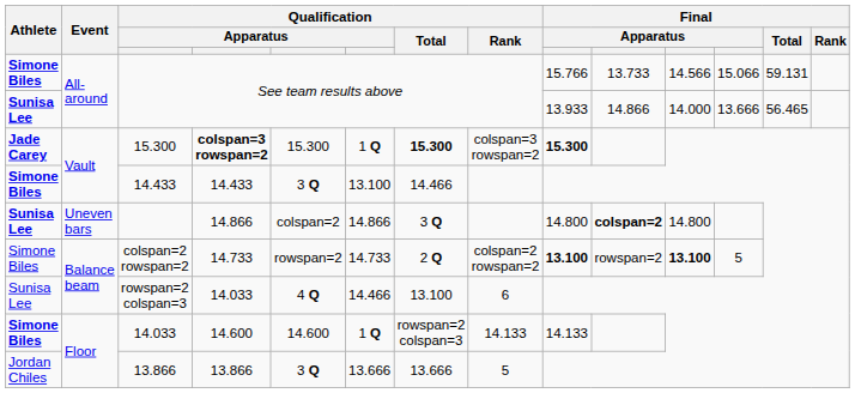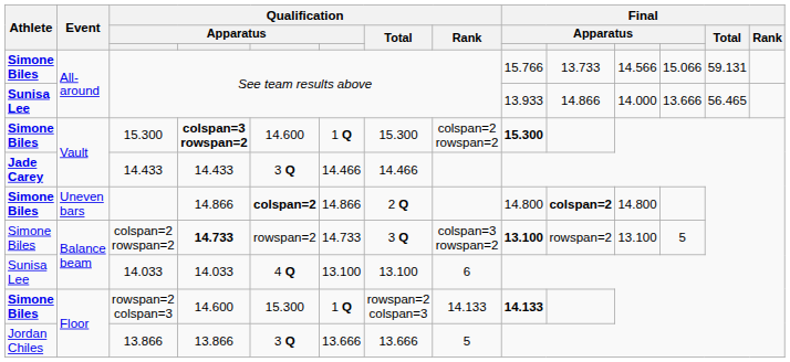 <table class=wikitable style=font-size:90%;text-align:center>
 <tr>
 <th rowspan=3>Athlete</th>
 <th rowspan=3>Event</th>
 <th colspan=6>Qualification</th>
 <th colspan=6>Final</th>
 </tr>
 <tr style=font-size:95%>
 <th colspan=4>Apparatus</th>
 <th rowspan=2>Total</th>
 <th rowspan=2>Rank</th>
 <th colspan=4>Apparatus</th>
 <th rowspan=2>Total</th>
 <th rowspan=2>Rank</th>
 </tr>
 <tr style=font-size:95%>
 <th></th>
 <th></th>
 <th></th>
 <th></th>
 <th></th>
 <th></th>
 <th></th>
 <th></th>
 </tr>
 <tr>
 <td align=left><strong><a href='#'>Simone Biles</a></strong></td>
 <td rowspan=2 align=left><a href='#'>All-around</a></td>
 <td rowspan=2 colspan=6><em>See team results above</em></td>
 <td>15.766</td>
 <td>13.733</td>
 <td>14.566</td>
 <td>15.066</td>
 <td>59.131</td>
 <td></td>
 </tr>
 <tr>
 <td align=left><strong><a href='#'>Sunisa Lee</a></strong></td>
 <td>13.933</td>
 <td>14.866</td>
 <td>14.000</td>
 <td>13.666</td>
 <td>56.465</td>
 <td></td>
 </tr>
 <tr>
-<td align=left><strong><a href='#'>Jade Carey</a></strong></td>
+<td align=left><strong><a href='#'>Simone Biles</a></strong></td>
 <td align=left rowspan=2><a href='#'>Vault</a></td>
 <td>15.300</td>
 <td><strong>colspan=3 rowspan=2 </strong></td>
+<td>14.600</td>
+<td>1 <strong>Q</strong></td>
 <td>15.300</td>
-<td>1 <strong>Q</strong></td>
-<td><strong>15.300</strong></td>
-<td>colspan=3 rowspan=2 </td>
+<td>colspan=2 rowspan=2 </td>
 <td><strong>15.300</strong></td>
 <td></td>
 </tr>
 <tr>
-<td align=left><strong><a href='#'>Simone Biles</a></strong></td>
+<td align=left><strong><a href='#'>Jade Carey</a></strong></td>
 <td>14.433</td>
 <td>14.433</td>
 <td>3 <strong>Q</strong></td>
-<td>13.100</td>
+<td>14.466</td>
 <td>14.466</td>
 <td></td>
 </tr>
 <tr>
-<td align=left><strong><a href='#'>Sunisa Lee</a></strong></td>
+<td align=left><strong><a href='#'>Simone Biles</a></strong></td>
 <td align=left><a href='#'>Uneven bars</a></td>
 <td></td>
 <td>14.866</td>
-<td>colspan=2 </td>
+<td><strong>colspan=2 </strong></td>
 <td>14.866</td>
-<td>3 <strong>Q</strong></td>
+<td>2 <strong>Q</strong></td>
 <td></td>
 <td>14.800</td>
 <td><strong>colspan=2 </strong></td>
 <td>14.800</td>
 <td></td>
 </tr>
 <tr>
 <td align=left><a href='#'>Simone Biles</a></td>
 <td align=left rowspan=2><a href='#'>Balance beam</a></td>
 <td>colspan=2 rowspan=2 </td>
-<td>14.733</td>
+<td><strong>14.733</strong></td>
 <td>rowspan=2 </td>
 <td>14.733</td>
-<td>2 <strong>Q</strong></td>
-<td>colspan=2 rowspan=2 </td>
+<td>3 <strong>Q</strong></td>
+<td>colspan=3 rowspan=2 </td>
 <td><strong>13.100</strong></td>
 <td>rowspan=2 </td>
-<td><strong>13.100</strong></td>
+<td>13.100</td>
 <td>5</td>
 </tr>
 <tr>
 <td align=left><a href='#'>Sunisa Lee</a></td>
-<td>rowspan=2 colspan=3 </td>
+<td>14.033</td>
 <td>14.033</td>
 <td>4 <strong>Q</strong></td>
-<td>14.466</td>
+<td>13.100</td>
 <td>13.100</td>
 <td>6</td>
 </tr>
 <tr>
 <td align=left><strong><a href='#'>Simone Biles</a></strong></td>
 <td align=left rowspan=2><a href='#'>Floor</a></td>
-<td>14.033</td>
+<td>rowspan=2 colspan=3 </td>
 <td>14.600</td>
-<td>14.600</td>
+<td>15.300</td>
 <td>1 <strong>Q</strong></td>
 <td>rowspan=2 colspan=3 </td>
 <td>14.133</td>
-<td>14.133</td>
+<td><strong>14.133</strong></td>
 <td></td>
 </tr>
 <tr>
 <td align=left><a href='#'>Jordan Chiles</a></td>
 <td>13.866</td>
 <td>13.866</td>
 <td>3 <strong>Q</strong></td>
 <td>13.666</td>
 <td>13.666</td>
 <td>5</td>
 </tr>
 </table>
